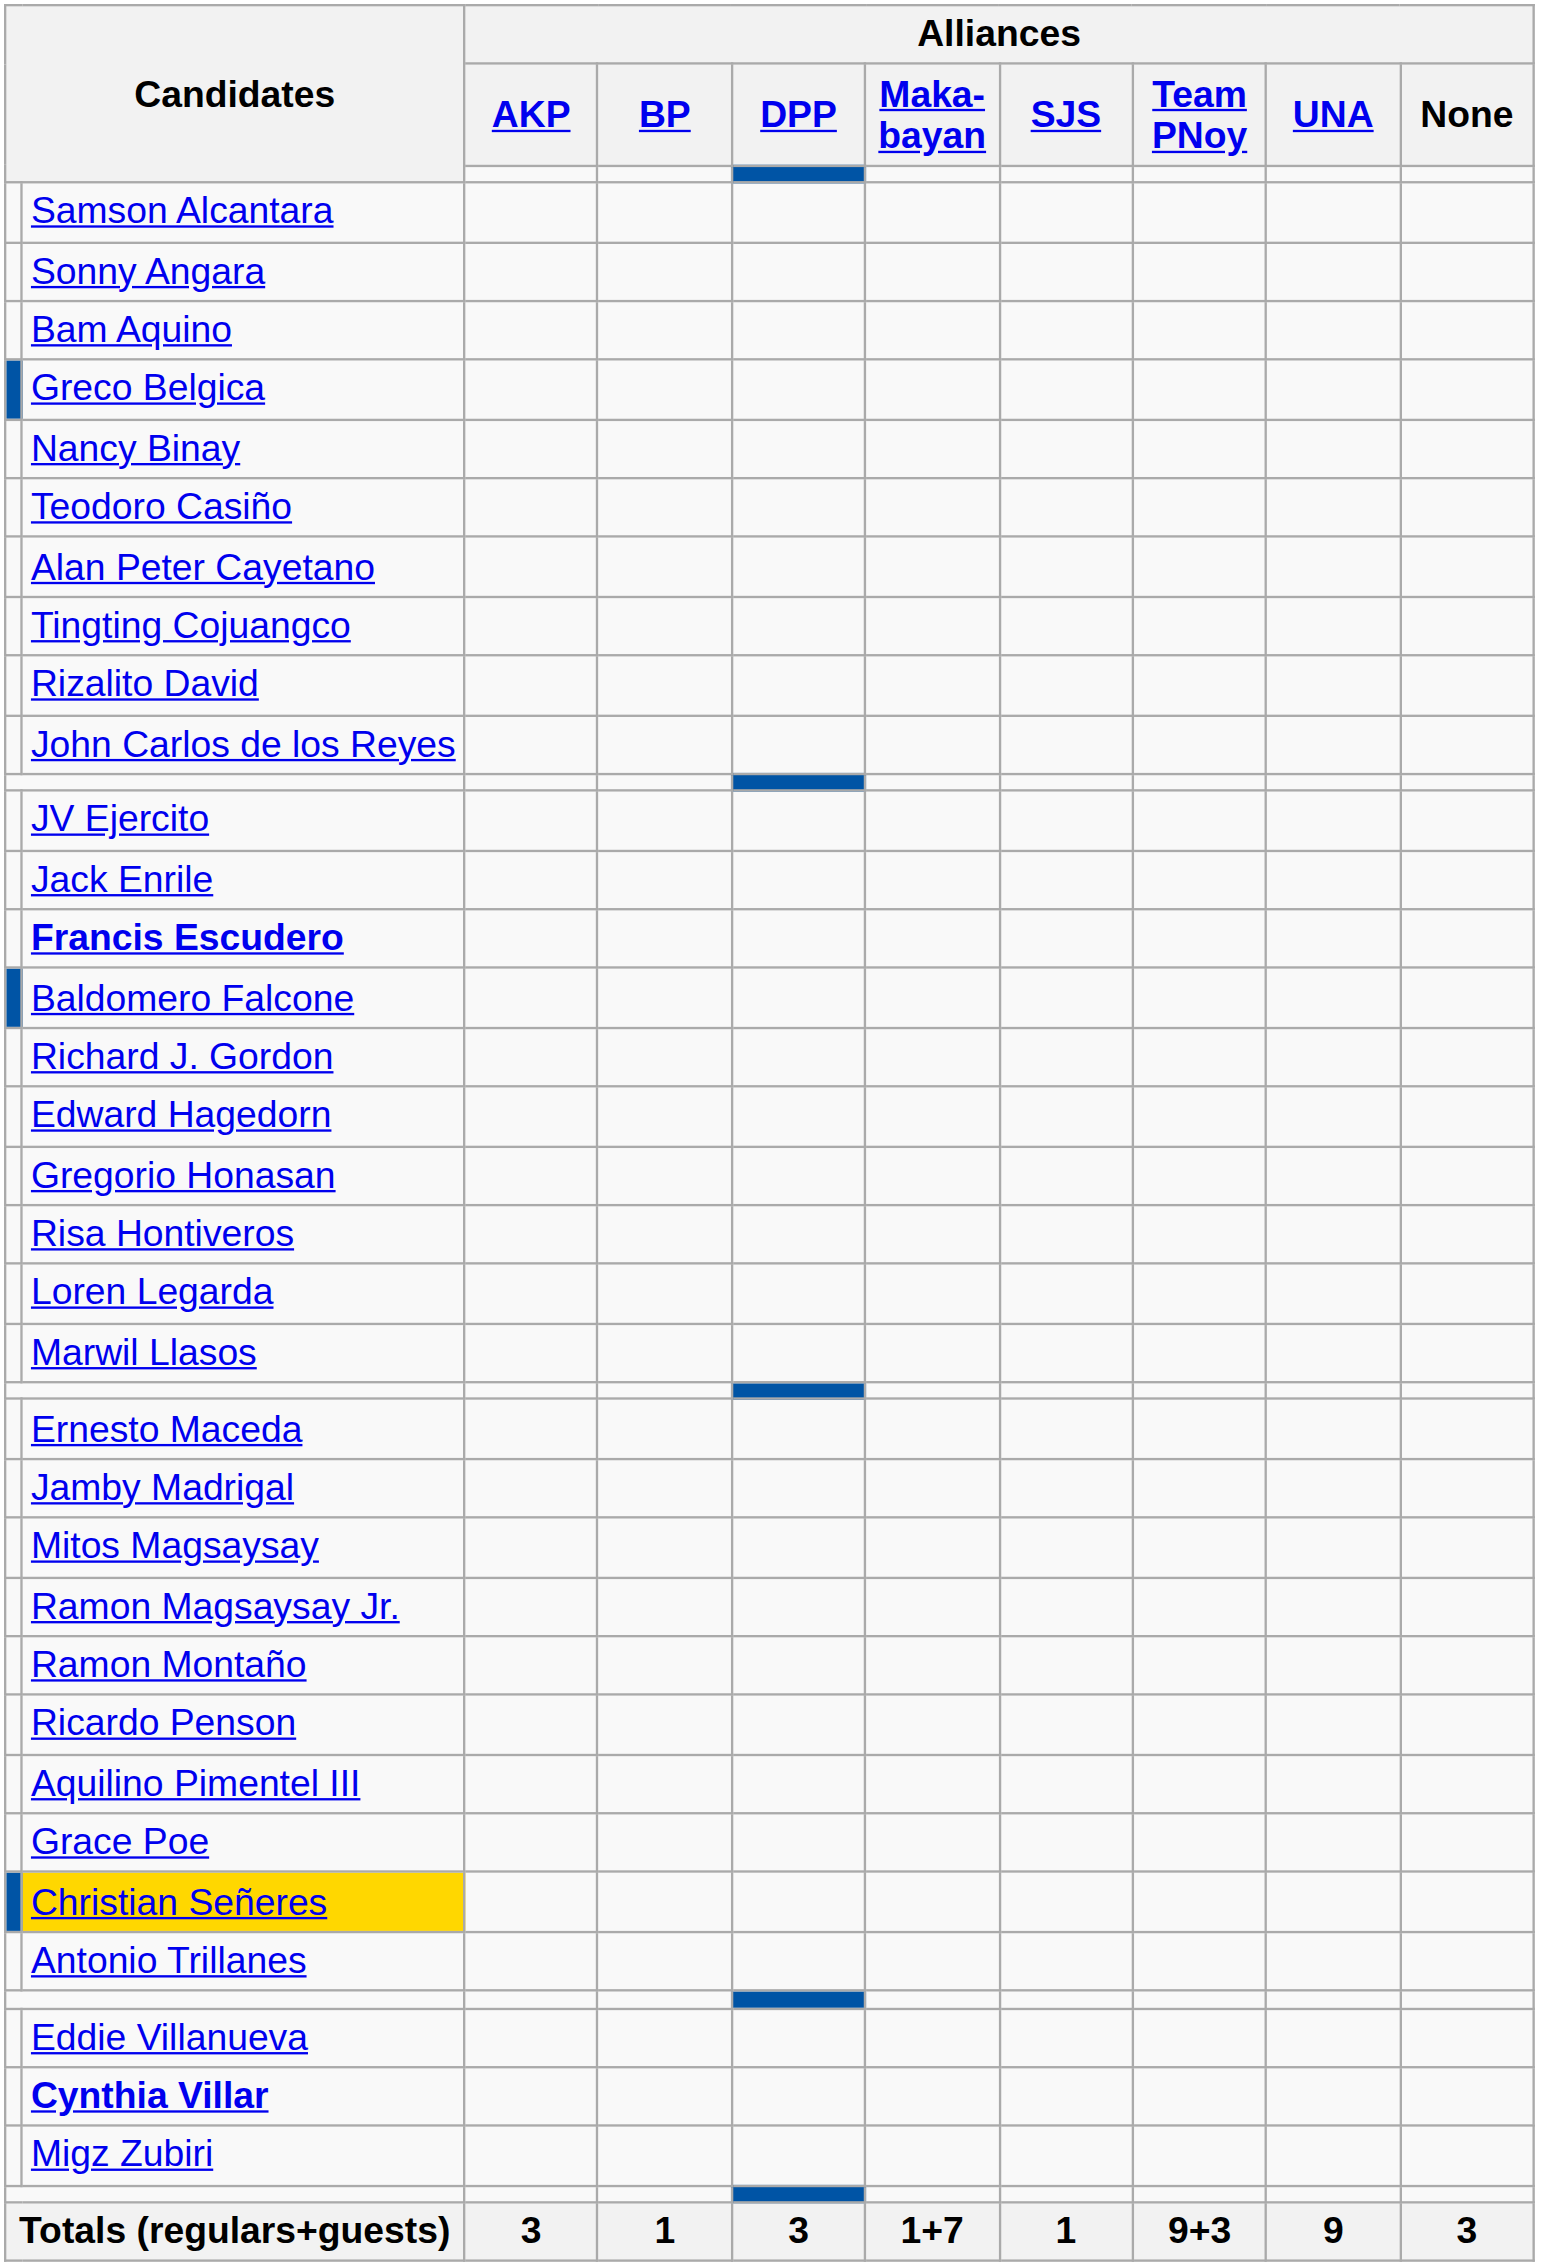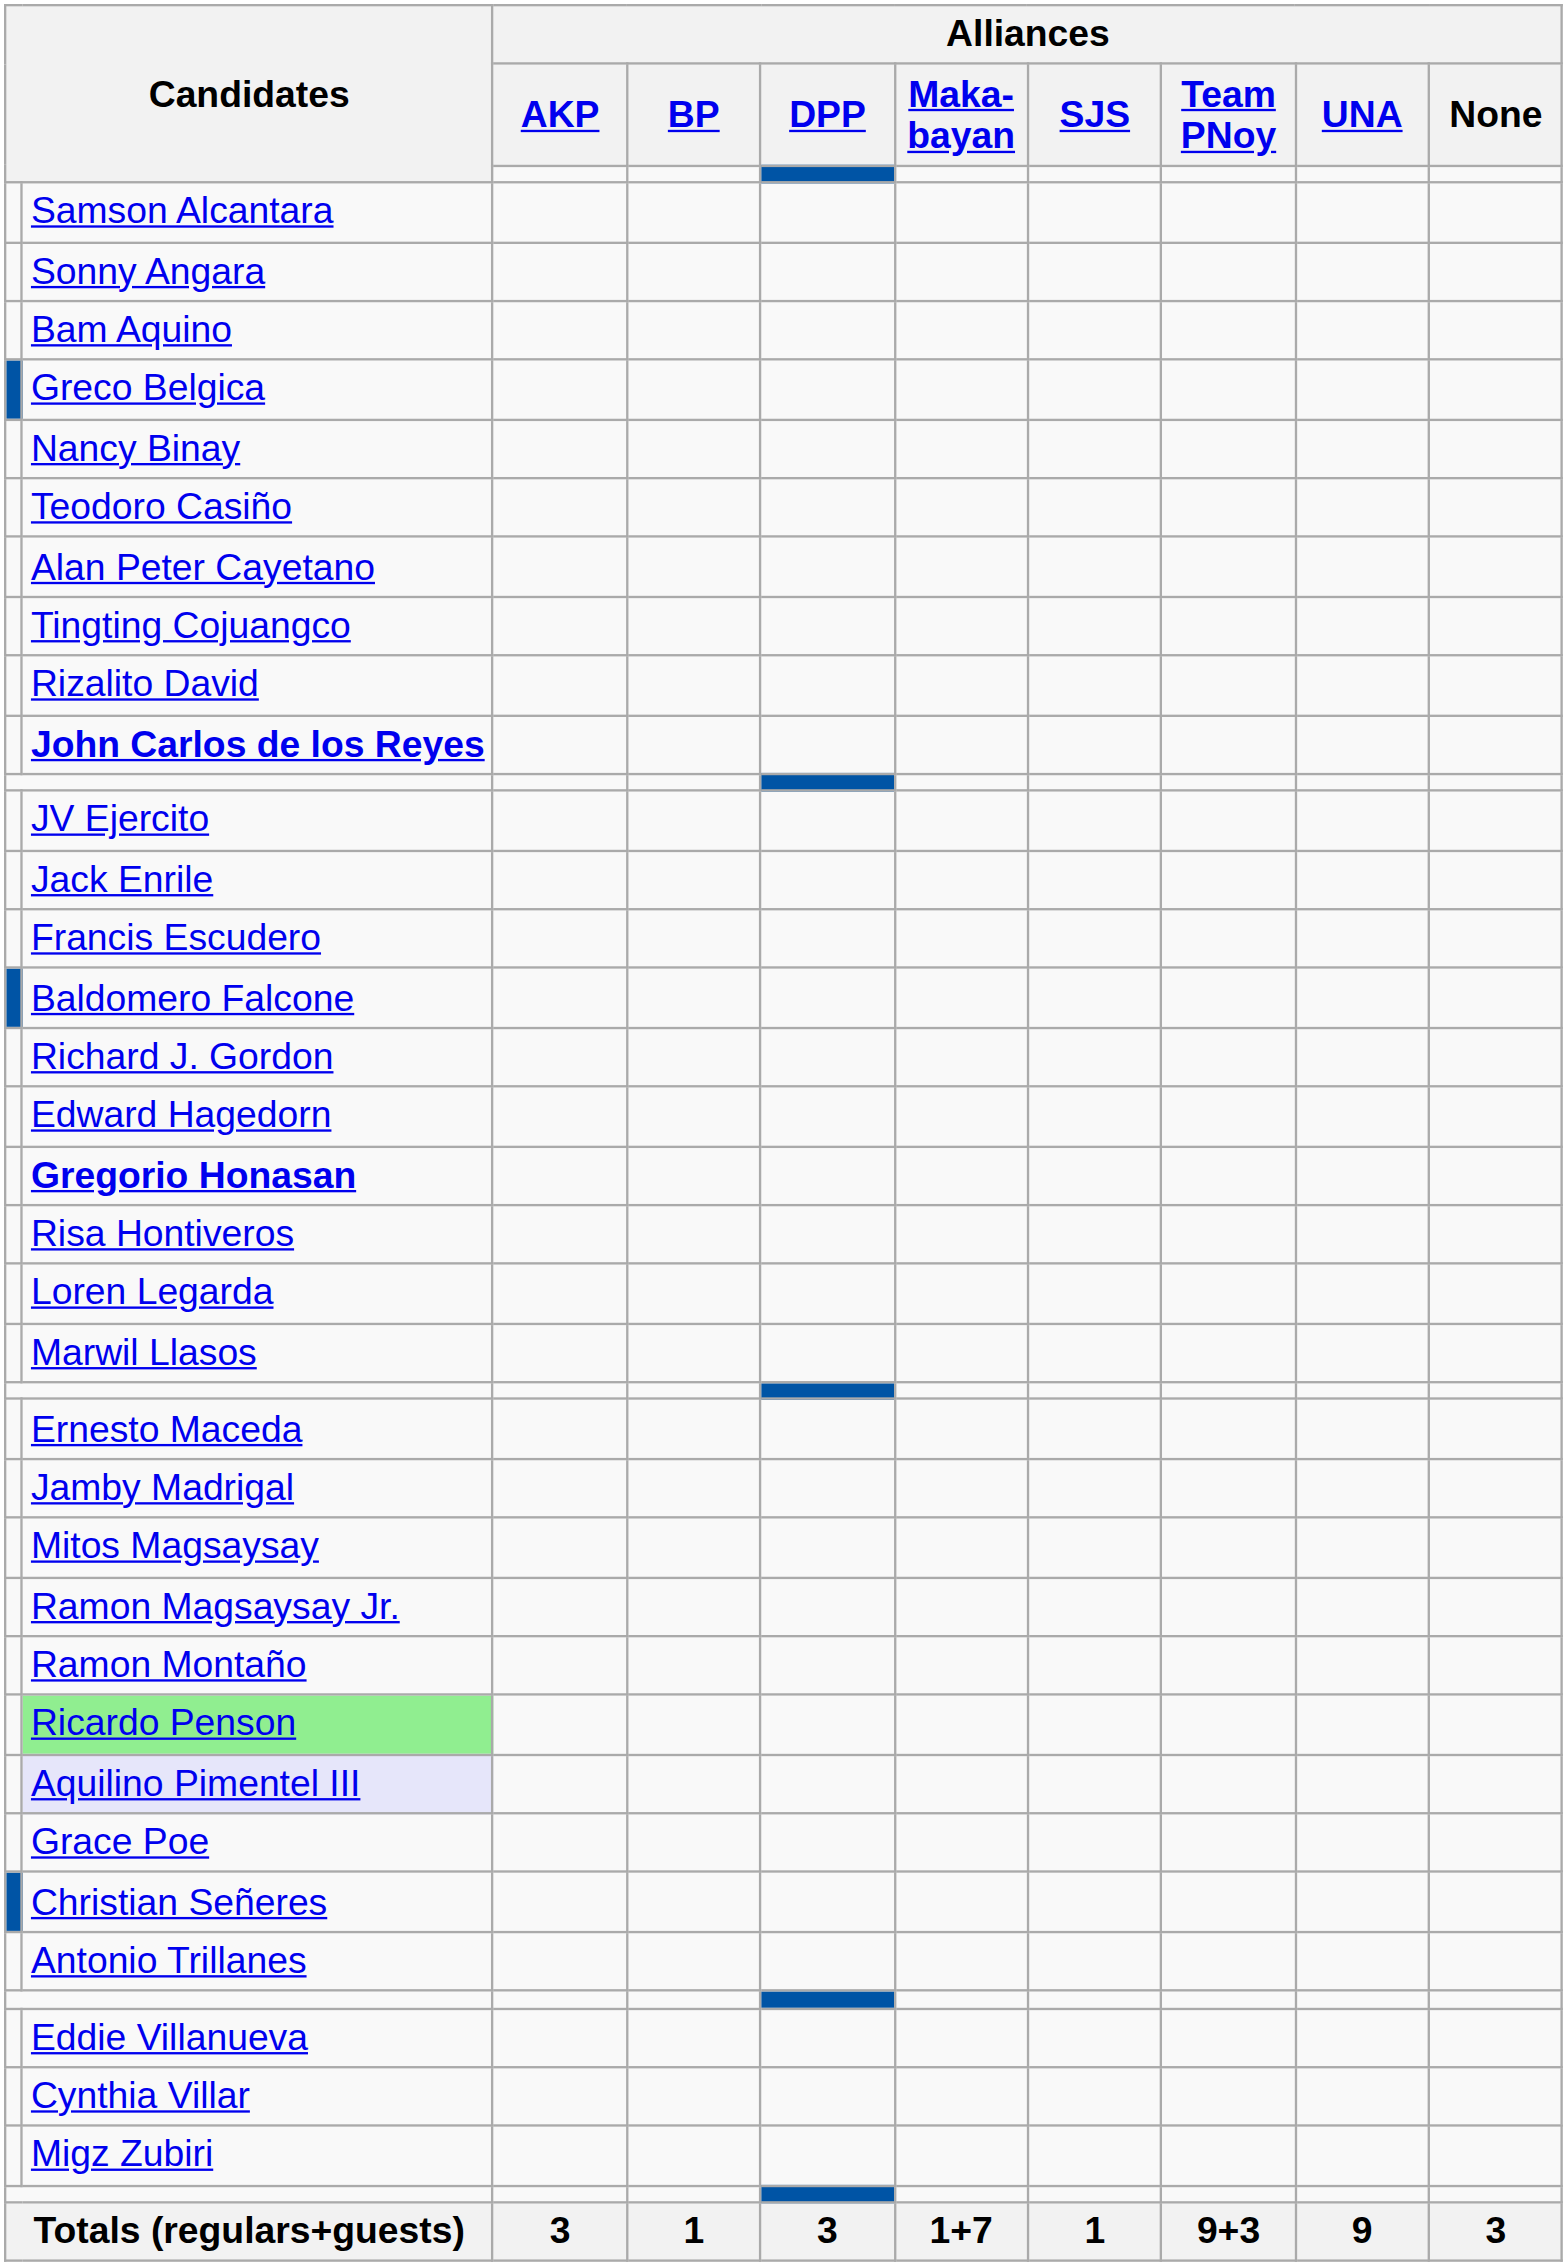 <table class="collapsible wikitable" style="text-align:center;">
 <tr>
 <th colspan=2 rowspan=3>Candidates</th>
 <th colspan=9>Alliances</th>
 </tr>
 <tr>
 <th width=50px><a href='#'>AKP</a></th>
 <th width=50px><a href='#'>BP</a></th>
 <th width=50px><a href='#'>DPP</a></th>
 <th width=50px><a href='#'>Maka-<br>bayan</a></th>
 <th width=50px><a href='#'>SJS</a></th>
 <th width=50px><a href='#'>Team PNoy</a></th>
 <th width=50px><a href='#'>UNA</a></th>
 <th width=50px>None</th>
 </tr>
 <tr>
 <td></td>
 <td></td>
 <td bgcolor=#0054A5></td>
 <td></td>
 <td></td>
 <td></td>
 <td></td>
 <td></td>
 </tr>
 <tr>
 <td></td>
 <td align=left><a href='#'>Samson Alcantara</a></td>
 <td></td>
 <td></td>
 <td></td>
 <td></td>
 <td></td>
 <td></td>
 <td></td>
 <td></td>
 </tr>
 <tr>
 <td></td>
 <td align=left><a href='#'>Sonny Angara</a></td>
 <td></td>
 <td></td>
 <td></td>
 <td></td>
 <td></td>
 <td></td>
 <td></td>
 <td></td>
 </tr>
 <tr>
 <td></td>
 <td align=left><a href='#'>Bam Aquino</a></td>
 <td></td>
 <td></td>
 <td></td>
 <td></td>
 <td></td>
 <td></td>
 <td></td>
 <td></td>
 </tr>
 <tr>
 <td bgcolor=#0054A5></td>
 <td align=left><a href='#'>Greco Belgica</a></td>
 <td></td>
 <td></td>
 <td></td>
 <td></td>
 <td></td>
 <td></td>
 <td></td>
 <td></td>
 </tr>
 <tr>
 <td></td>
 <td align=left><a href='#'>Nancy Binay</a></td>
 <td></td>
 <td></td>
 <td></td>
 <td></td>
 <td></td>
 <td></td>
 <td></td>
 <td></td>
 </tr>
 <tr>
 <td></td>
 <td align=left><a href='#'>Teodoro Casiño</a></td>
 <td></td>
 <td></td>
 <td></td>
 <td></td>
 <td></td>
 <td></td>
 <td></td>
 <td></td>
 </tr>
 <tr>
 <td></td>
 <td align=left><a href='#'>Alan Peter Cayetano</a></td>
 <td></td>
 <td></td>
 <td></td>
 <td></td>
 <td></td>
 <td></td>
 <td></td>
 <td></td>
 </tr>
 <tr>
 <td></td>
 <td align=left><a href='#'>Tingting Cojuangco</a></td>
 <td></td>
 <td></td>
 <td></td>
 <td></td>
 <td></td>
 <td></td>
 <td></td>
 <td></td>
 </tr>
 <tr>
 <td></td>
 <td align=left><a href='#'>Rizalito David</a></td>
 <td></td>
 <td></td>
 <td></td>
 <td></td>
 <td></td>
 <td></td>
 <td></td>
 <td></td>
 </tr>
 <tr>
 <td></td>
-<td align=left><a href='#'>John Carlos de los Reyes</a></td>
+<td align=left><strong><a href='#'>John Carlos de los Reyes</a></strong></td>
 <td></td>
 <td></td>
 <td></td>
 <td></td>
 <td></td>
 <td></td>
 <td></td>
 <td></td>
 </tr>
 <tr>
 <td colspan=2></td>
 <td></td>
 <td></td>
 <td bgcolor=#0054A5></td>
 <td></td>
 <td></td>
 <td></td>
 <td></td>
 <td></td>
 </tr>
 <tr>
 <td></td>
 <td align=left><a href='#'>JV Ejercito</a></td>
 <td></td>
 <td></td>
 <td></td>
 <td></td>
 <td></td>
 <td></td>
 <td></td>
 <td></td>
 </tr>
 <tr>
 <td></td>
 <td align=left><a href='#'>Jack Enrile</a></td>
 <td></td>
 <td></td>
 <td></td>
 <td></td>
 <td></td>
 <td></td>
 <td></td>
 <td></td>
 </tr>
 <tr>
 <td></td>
-<td align=left><strong><a href='#'>Francis Escudero</a></strong></td>
+<td align=left><a href='#'>Francis Escudero</a></td>
 <td></td>
 <td></td>
 <td></td>
 <td></td>
 <td></td>
 <td></td>
 <td></td>
 <td></td>
 </tr>
 <tr>
 <td bgcolor=#0054A5></td>
 <td align=left><a href='#'>Baldomero Falcone</a></td>
 <td></td>
 <td></td>
 <td></td>
 <td></td>
 <td></td>
 <td></td>
 <td></td>
 <td></td>
 </tr>
 <tr>
 <td></td>
 <td align=left><a href='#'>Richard J. Gordon</a></td>
 <td></td>
 <td></td>
 <td></td>
 <td></td>
 <td></td>
 <td></td>
 <td></td>
 <td></td>
 </tr>
 <tr>
 <td></td>
 <td align=left><a href='#'>Edward Hagedorn</a></td>
 <td></td>
 <td></td>
 <td></td>
 <td></td>
 <td></td>
 <td></td>
 <td></td>
 <td></td>
 </tr>
 <tr>
 <td></td>
-<td align=left><a href='#'>Gregorio Honasan</a></td>
+<td align=left><strong><a href='#'>Gregorio Honasan</a></strong></td>
 <td></td>
 <td></td>
 <td></td>
 <td></td>
 <td></td>
 <td></td>
 <td></td>
 <td></td>
 </tr>
 <tr>
 <td></td>
 <td align=left><a href='#'>Risa Hontiveros</a></td>
 <td></td>
 <td></td>
 <td></td>
 <td></td>
 <td></td>
 <td></td>
 <td></td>
 <td></td>
 </tr>
 <tr>
 <td></td>
 <td align=left><a href='#'>Loren Legarda</a></td>
 <td></td>
 <td></td>
 <td></td>
 <td></td>
 <td></td>
 <td></td>
 <td></td>
 <td></td>
 </tr>
 <tr>
 <td></td>
 <td align=left><a href='#'>Marwil Llasos</a></td>
 <td></td>
 <td></td>
 <td></td>
 <td></td>
 <td></td>
 <td></td>
 <td></td>
 <td></td>
 </tr>
 <tr>
 <td colspan=2></td>
 <td></td>
 <td></td>
 <td bgcolor=#0054A5></td>
 <td></td>
 <td></td>
 <td></td>
 <td></td>
 <td></td>
 </tr>
 <tr>
 <td></td>
 <td align=left><a href='#'>Ernesto Maceda</a></td>
 <td></td>
 <td></td>
 <td></td>
 <td></td>
 <td></td>
 <td></td>
 <td></td>
 <td></td>
 </tr>
 <tr>
 <td></td>
 <td align=left><a href='#'>Jamby Madrigal</a></td>
 <td></td>
 <td></td>
 <td></td>
 <td></td>
 <td></td>
 <td></td>
 <td></td>
 <td></td>
 </tr>
 <tr>
 <td></td>
 <td align=left><a href='#'>Mitos Magsaysay</a></td>
 <td></td>
 <td></td>
 <td></td>
 <td></td>
 <td></td>
 <td></td>
 <td></td>
 <td></td>
 </tr>
 <tr>
 <td></td>
 <td align=left><a href='#'>Ramon Magsaysay Jr.</a></td>
 <td></td>
 <td></td>
 <td></td>
 <td></td>
 <td></td>
 <td></td>
 <td></td>
 <td></td>
 </tr>
 <tr>
 <td></td>
 <td align=left><a href='#'>Ramon Montaño</a></td>
 <td></td>
 <td></td>
 <td></td>
 <td></td>
 <td></td>
 <td></td>
 <td></td>
 <td></td>
 </tr>
 <tr>
 <td></td>
-<td align=left><a href='#'>Ricardo Penson</a></td>
+<td align=left style="background: lightgreen;"><a href='#'>Ricardo Penson</a></td>
 <td></td>
 <td></td>
 <td></td>
 <td></td>
 <td></td>
 <td></td>
 <td></td>
 <td></td>
 </tr>
 <tr>
 <td></td>
-<td align=left><a href='#'>Aquilino Pimentel III</a></td>
+<td align=left style="background: lavender;"><a href='#'>Aquilino Pimentel III</a></td>
 <td></td>
 <td></td>
 <td></td>
 <td></td>
 <td></td>
 <td></td>
 <td></td>
 <td></td>
 </tr>
 <tr>
 <td></td>
 <td align=left><a href='#'>Grace Poe</a></td>
 <td></td>
 <td></td>
 <td></td>
 <td></td>
 <td></td>
 <td></td>
 <td></td>
 <td></td>
 </tr>
 <tr>
 <td bgcolor=#0054A5></td>
-<td align=left style="background: gold;"><a href='#'>Christian Señeres</a></td>
+<td align=left><a href='#'>Christian Señeres</a></td>
 <td></td>
 <td></td>
 <td></td>
 <td></td>
 <td></td>
 <td></td>
 <td></td>
 <td></td>
 </tr>
 <tr>
 <td></td>
 <td align=left><a href='#'>Antonio Trillanes</a></td>
 <td></td>
 <td></td>
 <td></td>
 <td></td>
 <td></td>
 <td></td>
 <td></td>
 <td></td>
 </tr>
 <tr>
 <td colspan=2></td>
 <td></td>
 <td></td>
 <td bgcolor=#0054A5></td>
 <td></td>
 <td></td>
 <td></td>
 <td></td>
 <td></td>
 </tr>
 <tr>
 <td></td>
 <td align=left><a href='#'>Eddie Villanueva</a></td>
 <td></td>
 <td></td>
 <td></td>
 <td></td>
 <td></td>
 <td></td>
 <td></td>
 <td></td>
 </tr>
 <tr>
 <td></td>
-<td align=left><strong><a href='#'>Cynthia Villar</a></strong></td>
+<td align=left><a href='#'>Cynthia Villar</a></td>
 <td></td>
 <td></td>
 <td></td>
 <td></td>
 <td></td>
 <td></td>
 <td></td>
 </tr>
 <tr>
 <td></td>
 <td align=left><a href='#'>Migz Zubiri</a></td>
 <td></td>
 <td></td>
 <td></td>
 <td></td>
 <td></td>
 <td></td>
 <td></td>
 <td></td>
 </tr>
 <tr>
 <td colspan=2></td>
 <td></td>
 <td></td>
 <td bgcolor=#0054A5></td>
 <td></td>
 <td></td>
 <td></td>
 <td></td>
 <td></td>
 </tr>
 <tr>
 <th colspan=2>Totals (regulars+guests)</th>
 <th>3</th>
 <th>1</th>
 <th>3</th>
 <th>1+7</th>
 <th>1</th>
 <th>9+3</th>
 <th>9</th>
 <th>3</th>
 </tr>
 </table>
